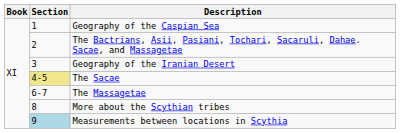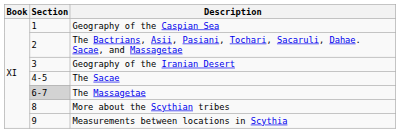 <table class="wikitable" style="max-width:45em;">
 <tr>
 <th>Book</th>
 <th>Section</th>
 <th>Description</th>
 </tr>
 <tr>
 <td rowspan="7">XI</td>
 <td>1</td>
 <td>Geography of the <a href='#'>Caspian Sea</a></td>
 </tr>
 <tr>
 <td>2</td>
 <td>The <a href='#'>Bactrians</a>, <a href='#'>Asii</a>, <a href='#'>Pasiani</a>, <a href='#'>Tochari</a>, <a href='#'>Sacaruli</a>, <a href='#'>Dahae</a>. <a href='#'>Sacae</a>, and <a href='#'>Massagetae</a></td>
 </tr>
 <tr>
 <td>3</td>
 <td>Geography of the <a href='#'>Iranian Desert</a></td>
 </tr>
 <tr>
-<td style="background: khaki;">4-5</td>
+<td>4-5</td>
 <td>The <a href='#'>Sacae</a></td>
 </tr>
 <tr>
-<td>6-7</td>
+<td style="background: lightgrey;">6-7</td>
 <td>The <a href='#'>Massagetae</a></td>
 </tr>
 <tr>
 <td>8</td>
 <td>More about the <a href='#'>Scythian</a> tribes</td>
 </tr>
 <tr>
-<td style="background: lightblue;">9</td>
+<td>9</td>
 <td>Measurements between locations in <a href='#'>Scythia</a></td>
 </tr>
 </table>
